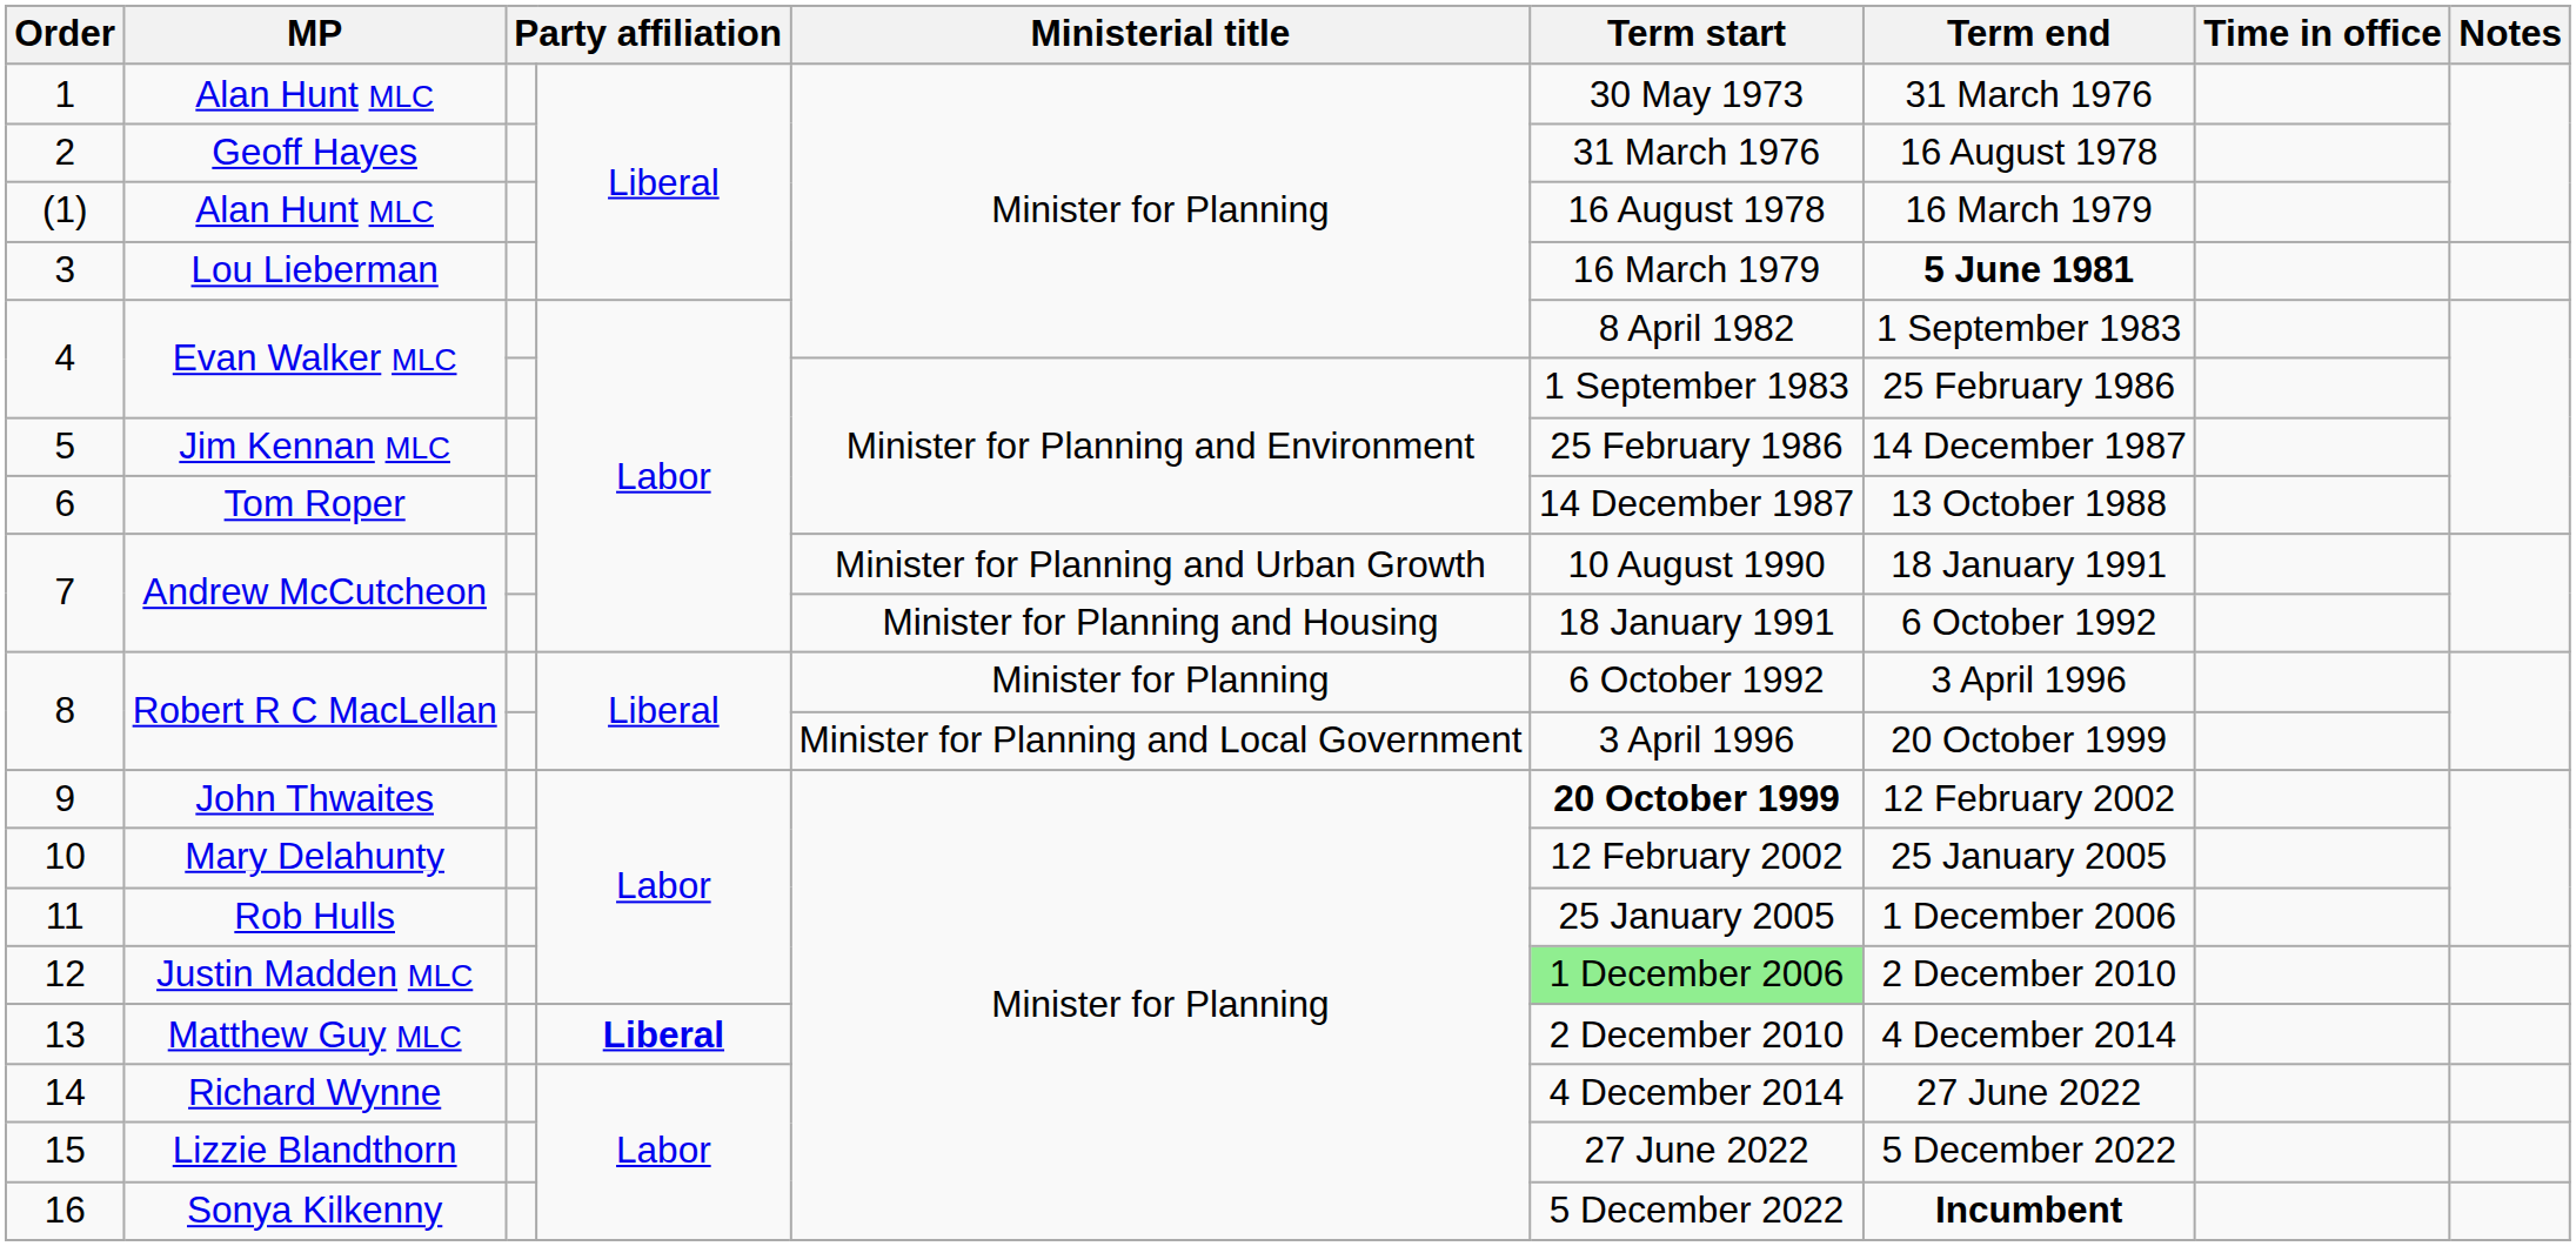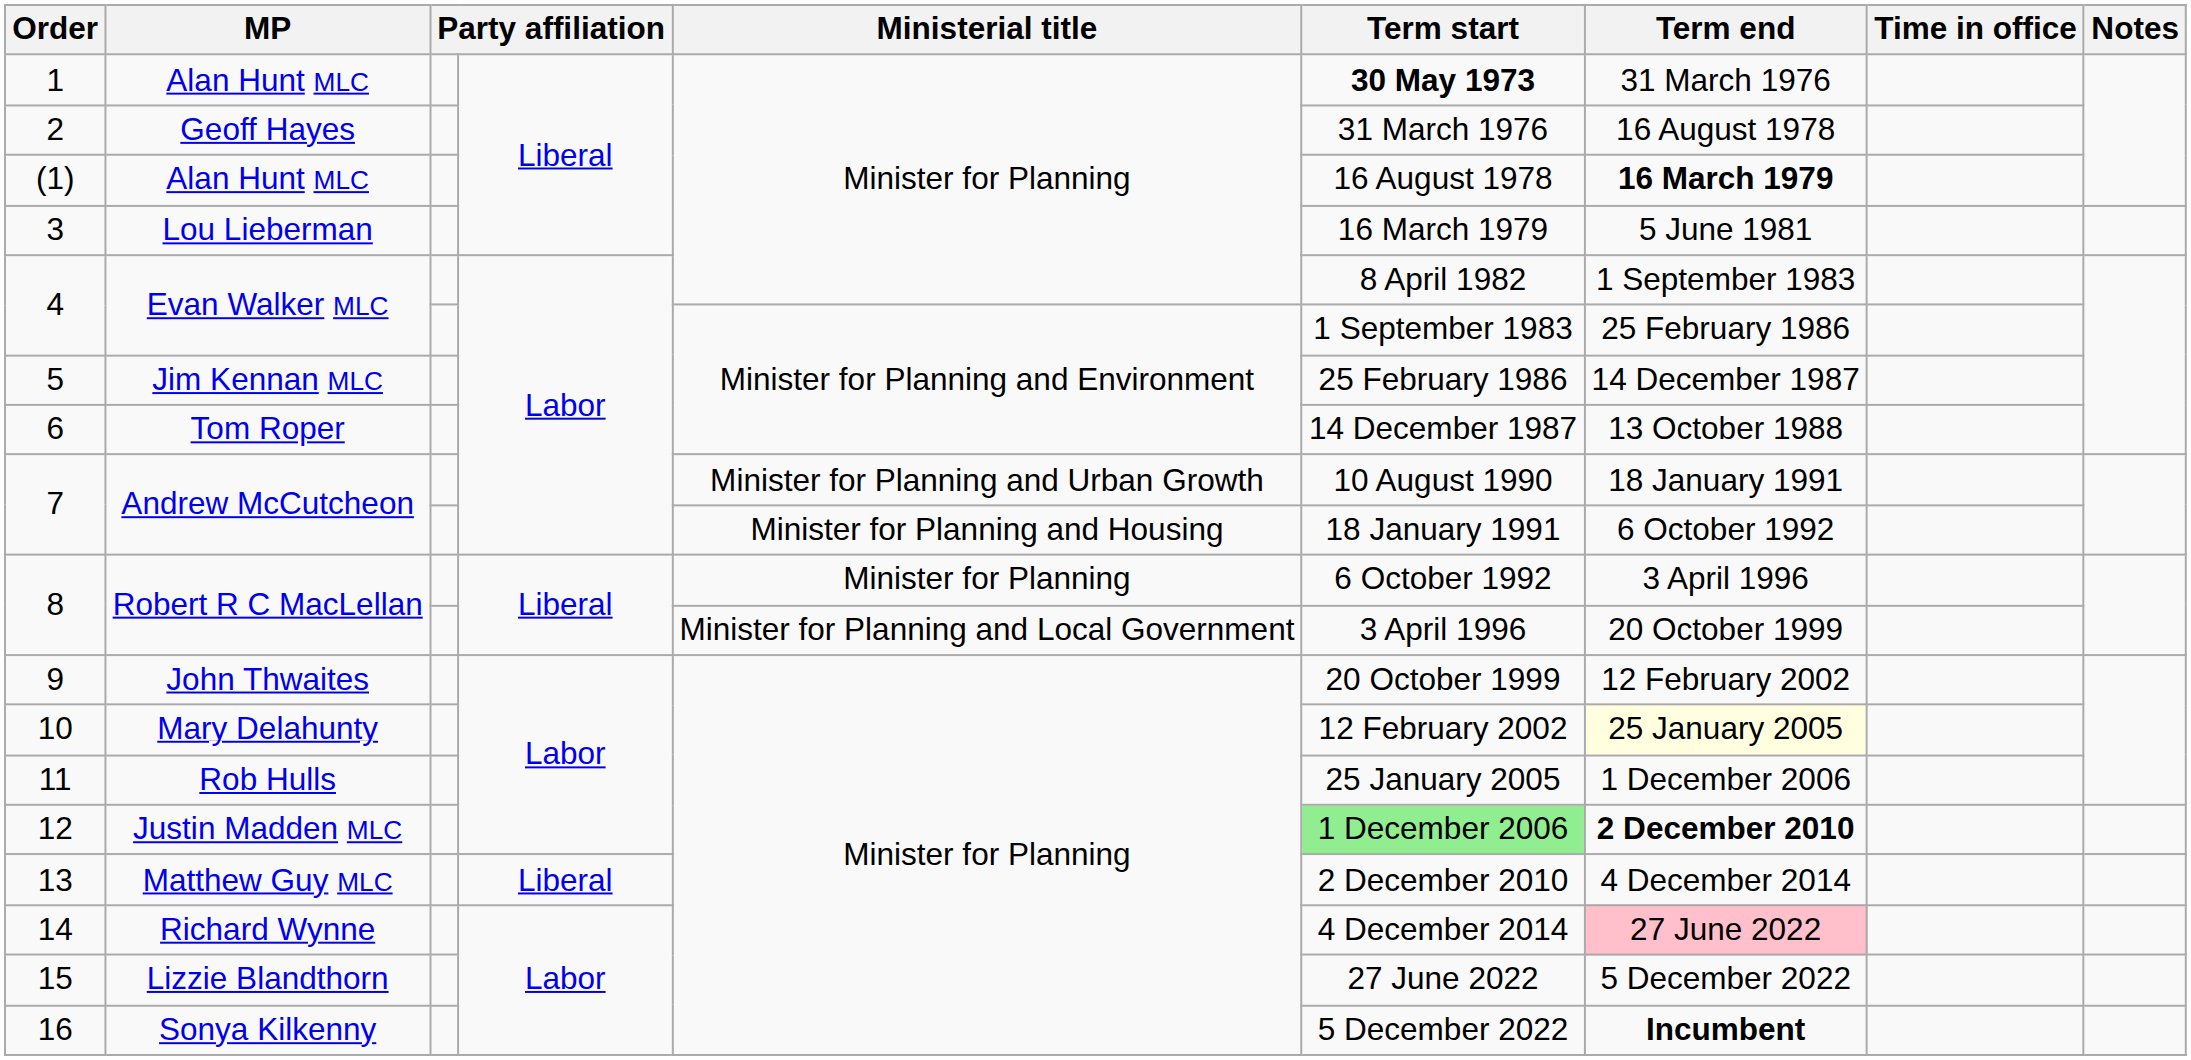 <table class="wikitable" style="text-align:center">
 <tr>
 <th>Order</th>
 <th>MP</th>
 <th colspan="2">Party affiliation</th>
 <th>Ministerial title</th>
 <th>Term start</th>
 <th>Term end</th>
 <th>Time in office</th>
 <th>Notes</th>
 </tr>
 <tr>
 <td>1</td>
 <td><a href='#'>Alan Hunt</a> <a href='#'><small>MLC</small></a></td>
 <td></td>
 <td rowspan="4"><a href='#'>Liberal</a></td>
 <td rowspan="5">Minister for Planning</td>
-<td>30 May 1973</td>
+<td><strong>30 May 1973</strong></td>
 <td>31 March 1976</td>
 <td></td>
 <td rowspan="3"></td>
 </tr>
 <tr>
 <td>2</td>
 <td><a href='#'>Geoff Hayes</a> </td>
 <td></td>
 <td>31 March 1976</td>
 <td>16 August 1978</td>
 <td></td>
 </tr>
 <tr>
 <td>(1)</td>
 <td><a href='#'>Alan Hunt</a> <a href='#'><small>MLC</small></a></td>
 <td></td>
 <td>16 August 1978</td>
-<td>16 March 1979</td>
+<td><strong>16 March 1979</strong></td>
 <td></td>
 </tr>
 <tr>
 <td>3</td>
 <td><a href='#'>Lou Lieberman</a> </td>
 <td></td>
 <td>16 March 1979</td>
-<td><strong>5 June 1981</strong></td>
+<td>5 June 1981</td>
 <td></td>
 <td></td>
 </tr>
 <tr>
 <td rowspan="2">4</td>
 <td rowspan="2"><a href='#'>Evan Walker</a> <a href='#'><small>MLC</small></a></td>
 <td></td>
 <td rowspan="6"><a href='#'>Labor</a></td>
 <td>8 April 1982</td>
 <td>1 September 1983</td>
 <td></td>
 <td rowspan="4"></td>
 </tr>
 <tr>
 <td></td>
 <td rowspan="3">Minister for Planning and Environment</td>
 <td>1 September 1983</td>
 <td>25 February 1986</td>
 <td></td>
 </tr>
 <tr>
 <td>5</td>
 <td><a href='#'>Jim Kennan</a> <a href='#'><small>MLC</small></a></td>
 <td></td>
 <td>25 February 1986</td>
 <td>14 December 1987</td>
 <td></td>
 </tr>
 <tr>
 <td>6</td>
 <td><a href='#'>Tom Roper</a> </td>
 <td></td>
 <td>14 December 1987</td>
 <td>13 October 1988</td>
 <td></td>
 </tr>
 <tr>
 <td rowspan="2">7</td>
 <td rowspan="2"><a href='#'>Andrew McCutcheon</a> </td>
 <td></td>
 <td>Minister for Planning and Urban Growth</td>
 <td>10 August 1990</td>
 <td>18 January 1991</td>
 <td></td>
 <td rowspan="2"></td>
 </tr>
 <tr>
 <td></td>
 <td>Minister for Planning and Housing</td>
 <td>18 January 1991</td>
 <td>6 October 1992</td>
 <td></td>
 </tr>
 <tr>
 <td rowspan="2">8</td>
 <td rowspan="2"><a href='#'>Robert R C MacLellan</a> </td>
 <td></td>
 <td rowspan="2"><a href='#'>Liberal</a></td>
 <td>Minister for Planning</td>
 <td>6 October 1992</td>
 <td>3 April 1996</td>
 <td></td>
 <td rowspan="2"></td>
 </tr>
 <tr>
 <td></td>
 <td>Minister for Planning and Local Government</td>
 <td>3 April 1996</td>
 <td>20 October 1999</td>
 <td></td>
 </tr>
 <tr>
 <td>9</td>
 <td><a href='#'>John Thwaites</a> </td>
 <td></td>
 <td rowspan="4"><a href='#'>Labor</a></td>
 <td rowspan="8">Minister for Planning</td>
-<td><strong>20 October 1999</strong></td>
+<td>20 October 1999</td>
 <td>12 February 2002</td>
 <td></td>
 <td rowspan="3"></td>
 </tr>
 <tr>
 <td>10</td>
 <td><a href='#'>Mary Delahunty</a> </td>
 <td></td>
 <td>12 February 2002</td>
-<td>25 January 2005</td>
+<td style="background: lightyellow;">25 January 2005</td>
 <td></td>
 </tr>
 <tr>
 <td>11</td>
 <td><a href='#'>Rob Hulls</a> </td>
 <td></td>
 <td>25 January 2005</td>
 <td>1 December 2006</td>
 <td></td>
 </tr>
 <tr>
 <td>12</td>
 <td><a href='#'>Justin Madden</a> <a href='#'><small>MLC</small></a></td>
 <td></td>
 <td style="background: lightgreen;">1 December 2006</td>
-<td>2 December 2010</td>
+<td><strong>2 December 2010</strong></td>
 <td></td>
 <td></td>
 </tr>
 <tr>
 <td>13</td>
 <td><a href='#'>Matthew Guy</a> <a href='#'><small>MLC</small></a></td>
 <td></td>
-<td><strong><a href='#'>Liberal</a></strong></td>
+<td><a href='#'>Liberal</a></td>
 <td>2 December 2010</td>
 <td>4 December 2014</td>
 <td></td>
 <td></td>
 </tr>
 <tr>
 <td>14</td>
 <td><a href='#'>Richard Wynne</a> </td>
 <td></td>
 <td rowspan="3"><a href='#'>Labor</a></td>
 <td>4 December 2014</td>
-<td>27 June 2022</td>
+<td style="background: pink;">27 June 2022</td>
 <td></td>
 <td></td>
 </tr>
 <tr>
 <td>15</td>
 <td><a href='#'>Lizzie Blandthorn</a> </td>
 <td></td>
 <td>27 June 2022</td>
 <td>5 December 2022</td>
 <td></td>
 <td></td>
 </tr>
 <tr>
 <td>16</td>
 <td><a href='#'>Sonya Kilkenny</a> </td>
 <td></td>
 <td>5 December 2022</td>
 <td><strong>Incumbent</strong></td>
 <td></td>
 <td></td>
 </tr>
 </table>
